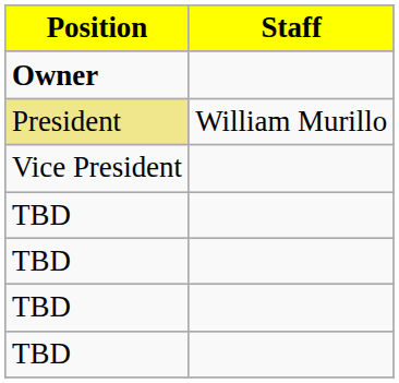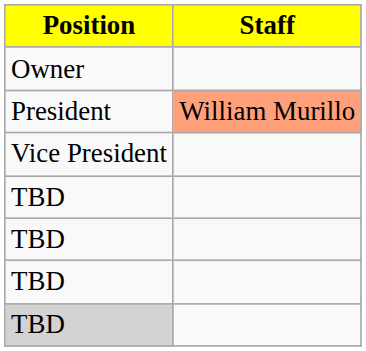 <table class="wikitable">
 <tr>
 <th style="color:Black; background:#FFFF00;">Position</th>
 <th style="color:Black; background:#FFFF00;">Staff</th>
 </tr>
 <tr>
-<td><strong>Owner</strong></td>
+<td>Owner</td>
 <td></td>
 </tr>
 <tr>
-<td style="background: khaki;">President</td>
-<td> William Murillo</td>
+<td>President</td>
+<td style="background: lightsalmon;"> William Murillo</td>
 </tr>
 <tr>
 <td>Vice President</td>
 <td></td>
 </tr>
 <tr>
 <td>TBD</td>
 <td></td>
 </tr>
 <tr>
 <td>TBD</td>
 <td></td>
 </tr>
 <tr>
 <td>TBD</td>
 <td></td>
 </tr>
 <tr>
-<td>TBD</td>
+<td style="background: lightgrey;">TBD</td>
 <td></td>
 </tr>
 </table>
